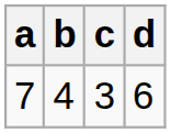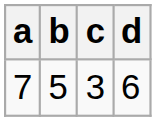 <table class="wikitable">
 <tr>
 <th>a</th>
 <th>b</th>
 <th>c</th>
 <th>d</th>
 </tr>
 <tr>
 <td>7</td>
-<td>4</td>
+<td>5</td>
 <td>3</td>
 <td>6</td>
 </tr>
 </table>
